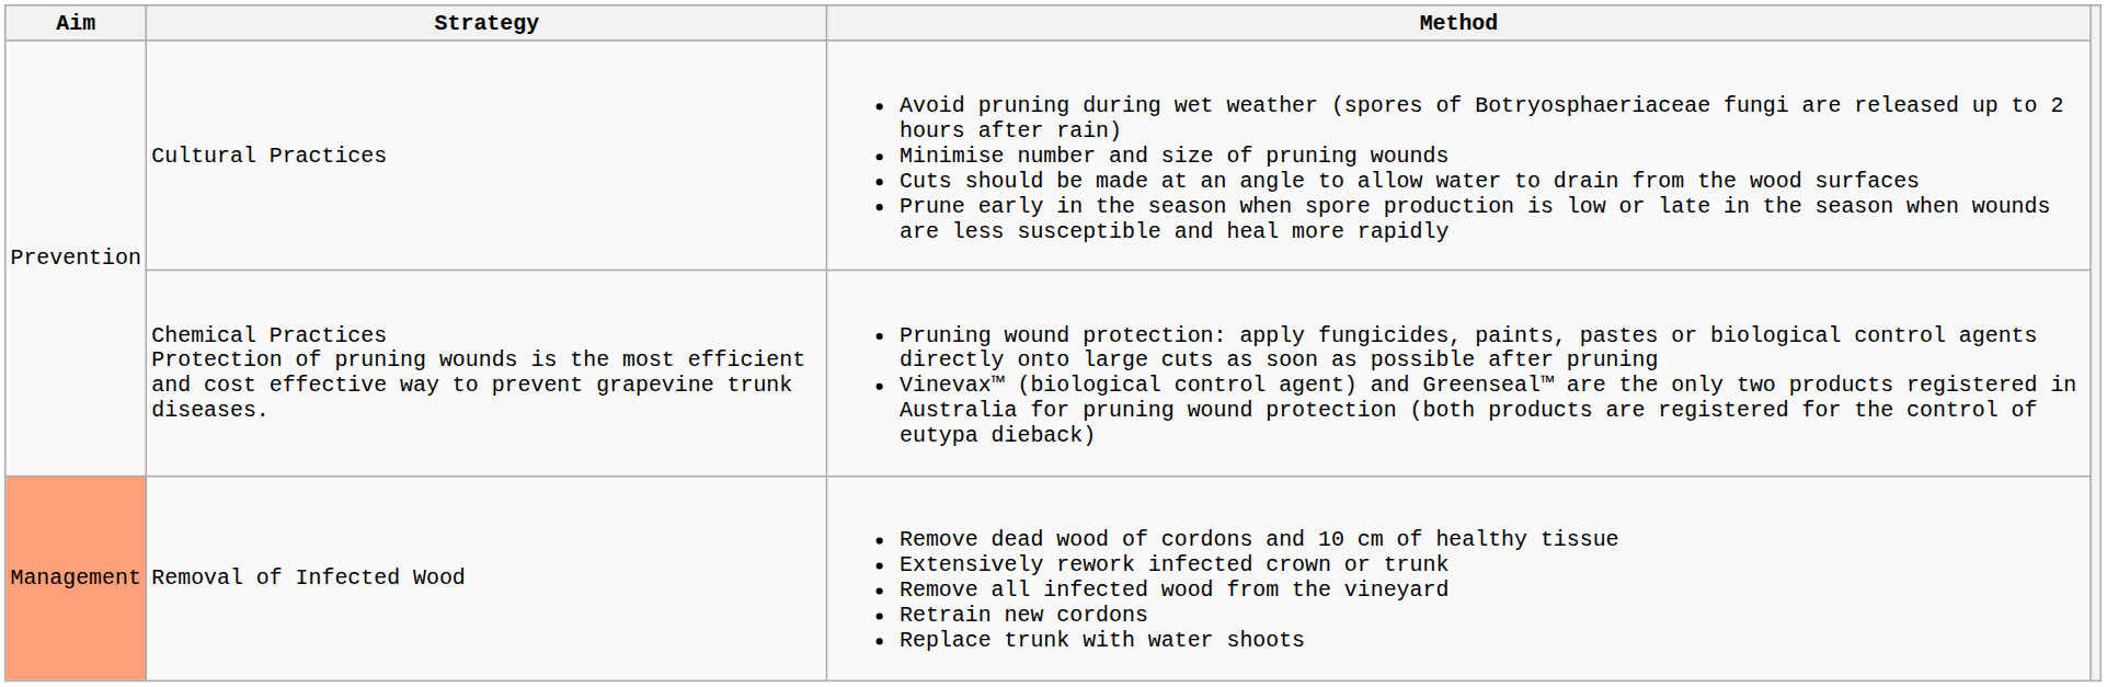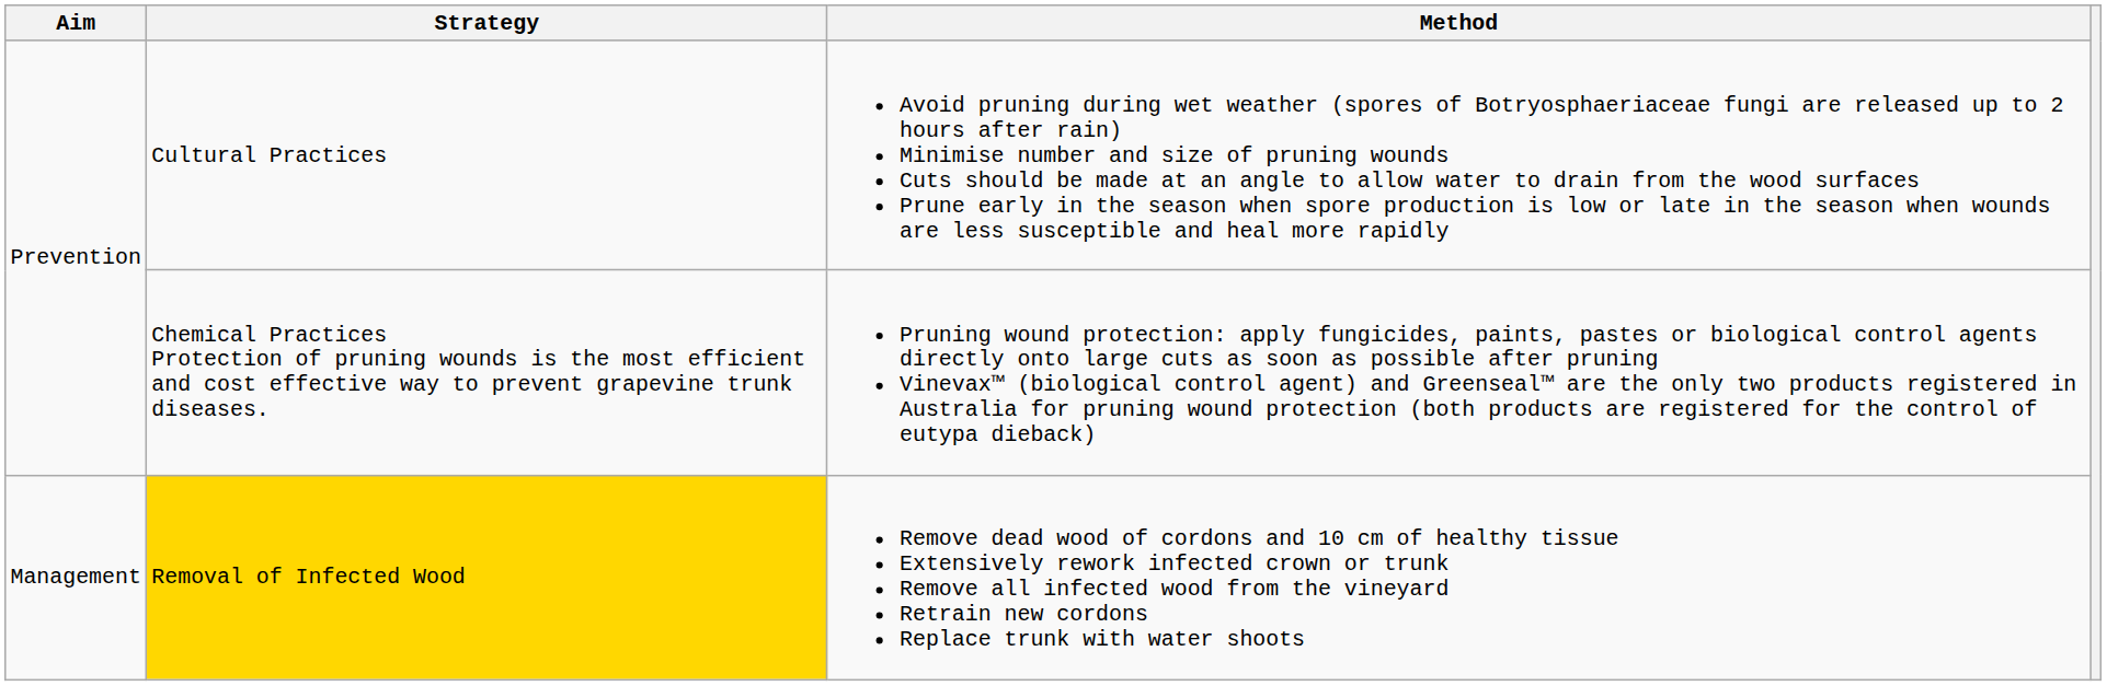 <table class="wikitable">
 <tr>
 <th>Aim</th>
 <th>Strategy</th>
 <th>Method</th>
 <th rowspan="4"></th>
 </tr>
 <tr>
 <td rowspan="2">Prevention</td>
 <td>Cultural Practices</td>
 <td><br><ul><li>Avoid pruning during wet weather (spores of Botryosphaeriaceae fungi are released up to 2 hours after rain)</li><li>Minimise number and size of pruning wounds</li><li>Cuts should be made at an angle to allow water to drain from the wood surfaces</li><li>Prune early in the season when spore production is low or late in the season when wounds are less susceptible and heal more rapidly</li></ul></td>
 </tr>
 <tr>
 <td>Chemical Practices<br>Protection of pruning wounds is the most efficient and cost effective way to prevent grapevine trunk diseases.</td>
 <td><br><ul><li>Pruning wound protection: apply fungicides, paints, pastes or biological control agents directly onto large cuts as soon as possible after pruning</li><li>Vinevax™ (biological control agent) and Greenseal™ are the only two products registered in Australia for pruning wound protection (both products are registered for the control of eutypa dieback)</li></ul></td>
 </tr>
 <tr>
-<td style="background: lightsalmon;">Management</td>
-<td>Removal of Infected Wood</td>
+<td>Management</td>
+<td style="background: gold;">Removal of Infected Wood</td>
 <td><br><ul><li>Remove dead wood of cordons and 10 cm of healthy tissue</li><li>Extensively rework infected crown or trunk</li><li>Remove all infected wood from the vineyard</li><li>Retrain new cordons</li><li>Replace trunk with water shoots</li></ul></td>
 </tr>
 </table>
